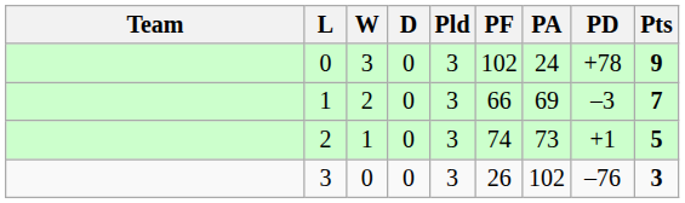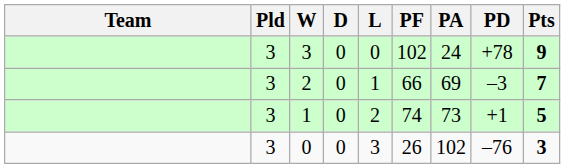 <table class="wikitable" style="text-align:center;">
 <tr>
 <th width=190>Team</th>
-<th width=20 abbr="Lost">L</th>
+<th width=20 abbr="Played">Pld</th>
 <th width=20 abbr="Won">W</th>
 <th width=20 abbr="Drawn">D</th>
-<th width=20 abbr="Played">Pld</th>
+<th width=20 abbr="Lost">L</th>
 <th width=20 abbr="Points for">PF</th>
 <th width=20 abbr="Points against">PA</th>
 <th width=35 abbr="Points difference">PD</th>
 <th width=20 abbr="Points">Pts</th>
 </tr>
 <tr style="background:#ccffcc">
 <td align=left></td>
-<td>0</td>
+<td>3</td>
 <td>3</td>
 <td>0</td>
-<td>3</td>
+<td>0</td>
 <td>102</td>
 <td>24</td>
 <td>+78</td>
 <td><strong>9</strong></td>
 </tr>
 <tr style="background:#ccffcc">
 <td align=left></td>
-<td>1</td>
+<td>3</td>
 <td>2</td>
 <td>0</td>
-<td>3</td>
+<td>1</td>
 <td>66</td>
 <td>69</td>
 <td>–3</td>
 <td><strong>7</strong></td>
 </tr>
 <tr style="background:#ccffcc">
 <td align=left></td>
-<td>2</td>
+<td>3</td>
 <td>1</td>
 <td>0</td>
-<td>3</td>
+<td>2</td>
 <td>74</td>
 <td>73</td>
 <td>+1</td>
 <td><strong>5</strong></td>
 </tr>
 <tr>
 <td align=left></td>
 <td>3</td>
 <td>0</td>
 <td>0</td>
 <td>3</td>
 <td>26</td>
 <td>102</td>
 <td>–76</td>
 <td><strong>3</strong></td>
 </tr>
 </table>
